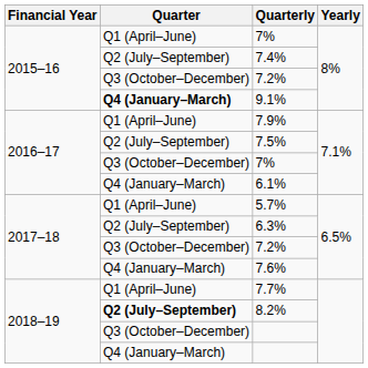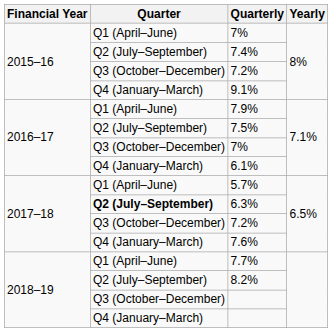 <table class="wikitable" align="right">
 <tr>
 <th>Financial Year</th>
 <th>Quarter</th>
 <th>Quarterly</th>
 <th>Yearly</th>
 </tr>
 <tr>
 <td rowspan="4">2015–16</td>
 <td>Q1 (April–June)</td>
 <td>7%</td>
 <td rowspan="4">8%</td>
 </tr>
 <tr>
 <td>Q2 (July–September)</td>
 <td>7.4%</td>
 </tr>
 <tr>
 <td>Q3 (October–December)</td>
 <td>7.2%</td>
 </tr>
 <tr>
-<td><strong>Q4 (January–March)</strong></td>
+<td>Q4 (January–March)</td>
 <td>9.1%</td>
 </tr>
 <tr>
 <td rowspan="4">2016–17</td>
 <td>Q1 (April–June)</td>
 <td>7.9%</td>
 <td rowspan="4">7.1%</td>
 </tr>
 <tr>
 <td>Q2 (July–September)</td>
 <td>7.5%</td>
 </tr>
 <tr>
 <td>Q3 (October–December)</td>
 <td>7%</td>
 </tr>
 <tr>
 <td>Q4 (January–March)</td>
 <td>6.1%</td>
 </tr>
 <tr>
 <td rowspan="4">2017–18</td>
 <td>Q1 (April–June)</td>
 <td>5.7%</td>
 <td rowspan="4">6.5%</td>
 </tr>
 <tr>
-<td>Q2 (July–September)</td>
+<td><strong>Q2 (July–September)</strong></td>
 <td>6.3%</td>
 </tr>
 <tr>
 <td>Q3 (October–December)</td>
 <td>7.2%</td>
 </tr>
 <tr>
 <td>Q4 (January–March)</td>
 <td>7.6%</td>
 </tr>
 <tr>
 <td rowspan="4">2018–19</td>
 <td>Q1 (April–June)</td>
 <td>7.7%</td>
 <td rowspan="4"></td>
 </tr>
 <tr>
-<td><strong>Q2 (July–September)</strong></td>
+<td>Q2 (July–September)</td>
 <td>8.2%</td>
 </tr>
 <tr>
 <td>Q3 (October–December)</td>
 <td></td>
 </tr>
 <tr>
 <td>Q4 (January–March)</td>
 <td></td>
 </tr>
 </table>
